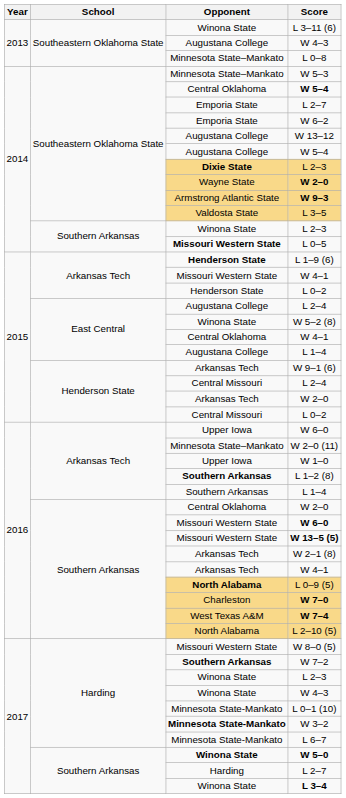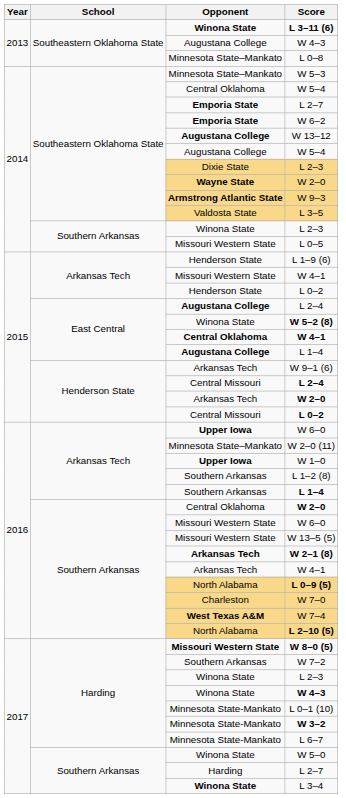 <table class="wikitable" style=text-align:center>
 <tr>
 <th>Year</th>
 <th>School</th>
 <th>Opponent</th>
 <th>Score</th>
 </tr>
 <tr>
 <td rowspan=3>2013</td>
 <td rowspan=3>Southeastern Oklahoma State</td>
-<td>Winona State</td>
-<td>L 3–11 (6)</td>
+<td><strong>Winona State</strong></td>
+<td><strong>L 3–11 (6)</strong></td>
 </tr>
 <tr>
 <td>Augustana College</td>
 <td>W 4–3</td>
 </tr>
 <tr>
 <td>Minnesota State–Mankato</td>
 <td>L 0–8</td>
 </tr>
 <tr>
 <td rowspan=12>2014</td>
 <td rowspan=10>Southeastern Oklahoma State</td>
 <td>Minnesota State–Mankato</td>
 <td>W 5–3</td>
 </tr>
 <tr>
 <td>Central Oklahoma</td>
-<td><strong>W 5–4</strong></td>
+<td>W 5–4</td>
 </tr>
 <tr>
-<td>Emporia State</td>
+<td><strong>Emporia State</strong></td>
 <td>L 2–7</td>
 </tr>
 <tr>
-<td>Emporia State</td>
+<td><strong>Emporia State</strong></td>
 <td>W 6–2</td>
 </tr>
 <tr>
-<td>Augustana College</td>
+<td><strong>Augustana College</strong></td>
 <td>W 13–12</td>
 </tr>
 <tr>
 <td>Augustana College</td>
 <td>W 5–4</td>
 </tr>
 <tr bgcolor=#f9d989>
-<td><strong>Dixie State</strong></td>
+<td>Dixie State</td>
 <td>L 2–3</td>
 </tr>
 <tr bgcolor=#f9d989>
-<td>Wayne State</td>
-<td><strong>W 2–0</strong></td>
+<td><strong>Wayne State</strong></td>
+<td>W 2–0</td>
 </tr>
 <tr bgcolor=#f9d989>
-<td>Armstrong Atlantic State</td>
-<td><strong>W 9–3</strong></td>
+<td><strong>Armstrong Atlantic State</strong></td>
+<td>W 9–3</td>
 </tr>
 <tr bgcolor=#f9d989>
 <td>Valdosta State</td>
 <td>L 3–5</td>
 </tr>
 <tr>
 <td rowspan=2>Southern Arkansas</td>
 <td>Winona State</td>
 <td>L 2–3</td>
 </tr>
 <tr>
-<td><strong>Missouri Western State</strong></td>
+<td>Missouri Western State</td>
 <td>L 0–5</td>
 </tr>
 <tr>
 <td rowspan=11>2015</td>
 <td rowspan=3>Arkansas Tech</td>
-<td><strong>Henderson State</strong></td>
+<td>Henderson State</td>
 <td>L 1–9 (6)</td>
 </tr>
 <tr>
 <td>Missouri Western State</td>
 <td>W 4–1</td>
 </tr>
 <tr>
 <td>Henderson State</td>
 <td>L 0–2</td>
 </tr>
 <tr>
 <td rowspan=4>East Central</td>
-<td>Augustana College</td>
+<td><strong>Augustana College</strong></td>
 <td>L 2–4</td>
 </tr>
 <tr>
 <td>Winona State</td>
-<td>W 5–2 (8)</td>
+<td><strong>W 5–2 (8)</strong></td>
 </tr>
 <tr>
-<td>Central Oklahoma</td>
-<td>W 4–1</td>
+<td><strong>Central Oklahoma</strong></td>
+<td><strong>W 4–1</strong></td>
 </tr>
 <tr>
-<td>Augustana College</td>
+<td><strong>Augustana College</strong></td>
 <td>L 1–4</td>
 </tr>
 <tr>
 <td rowspan=4>Henderson State</td>
 <td>Arkansas Tech</td>
 <td>W 9–1 (6)</td>
 </tr>
 <tr>
 <td>Central Missouri</td>
-<td>L 2–4</td>
+<td><strong>L 2–4</strong></td>
 </tr>
 <tr>
 <td>Arkansas Tech</td>
-<td>W 2–0</td>
+<td><strong>W 2–0</strong></td>
 </tr>
 <tr>
 <td>Central Missouri</td>
-<td>L 0–2</td>
+<td><strong>L 0–2</strong></td>
 </tr>
 <tr>
 <td rowspan=14>2016</td>
 <td rowspan=5>Arkansas Tech</td>
-<td>Upper Iowa</td>
+<td><strong>Upper Iowa</strong></td>
 <td>W 6–0</td>
 </tr>
 <tr>
 <td>Minnesota State–Mankato</td>
 <td>W 2–0 (11)</td>
 </tr>
 <tr>
-<td>Upper Iowa</td>
+<td><strong>Upper Iowa</strong></td>
 <td>W 1–0</td>
 </tr>
 <tr>
-<td><strong>Southern Arkansas</strong></td>
+<td>Southern Arkansas</td>
 <td>L 1–2 (8)</td>
 </tr>
 <tr>
 <td>Southern Arkansas</td>
-<td>L 1–4</td>
+<td><strong>L 1–4</strong></td>
 </tr>
 <tr>
 <td rowspan=9>Southern Arkansas</td>
 <td>Central Oklahoma</td>
-<td>W 2–0</td>
+<td><strong>W 2–0</strong></td>
 </tr>
 <tr>
 <td>Missouri Western State</td>
-<td><strong>W 6–0</strong></td>
+<td>W 6–0</td>
 </tr>
 <tr>
 <td>Missouri Western State</td>
-<td><strong>W 13–5 (5)</strong></td>
+<td>W 13–5 (5)</td>
 </tr>
 <tr>
-<td>Arkansas Tech</td>
-<td>W 2–1 (8)</td>
+<td><strong>Arkansas Tech</strong></td>
+<td><strong>W 2–1 (8)</strong></td>
 </tr>
 <tr>
 <td>Arkansas Tech</td>
 <td>W 4–1</td>
 </tr>
 <tr bgcolor=#f9d989>
-<td><strong>North Alabama</strong></td>
-<td>L 0–9 (5)</td>
+<td>North Alabama</td>
+<td><strong>L 0–9 (5)</strong></td>
 </tr>
 <tr bgcolor=#f9d989>
 <td>Charleston</td>
-<td><strong>W 7–0</strong></td>
+<td>W 7–0</td>
 </tr>
 <tr bgcolor=#f9d989>
-<td>West Texas A&M</td>
-<td><strong>W 7–4</strong></td>
+<td><strong>West Texas A&M</strong></td>
+<td>W 7–4</td>
 </tr>
 <tr bgcolor=#f9d989>
 <td>North Alabama</td>
-<td>L 2–10 (5)</td>
+<td><strong>L 2–10 (5)</strong></td>
 </tr>
 <tr>
 <td rowspan=10>2017</td>
 <td rowspan=7>Harding</td>
-<td>Missouri Western State</td>
-<td>W 8–0 (5)</td>
+<td><strong>Missouri Western State</strong></td>
+<td><strong>W 8–0 (5)</strong></td>
 </tr>
 <tr>
-<td><strong>Southern Arkansas</strong></td>
+<td>Southern Arkansas</td>
 <td>W 7–2</td>
 </tr>
 <tr>
 <td>Winona State</td>
 <td>L 2–3</td>
 </tr>
 <tr>
 <td>Winona State</td>
-<td>W 4–3</td>
+<td><strong>W 4–3</strong></td>
 </tr>
 <tr>
 <td>Minnesota State-Mankato</td>
 <td>L 0–1 (10)</td>
 </tr>
 <tr>
-<td><strong>Minnesota State-Mankato</strong></td>
-<td>W 3–2</td>
+<td>Minnesota State-Mankato</td>
+<td><strong>W 3–2</strong></td>
 </tr>
 <tr>
 <td>Minnesota State-Mankato</td>
 <td>L 6–7</td>
 </tr>
 <tr>
 <td rowspan=3>Southern Arkansas</td>
-<td><strong>Winona State</strong></td>
-<td><strong>W 5–0</strong></td>
+<td>Winona State</td>
+<td>W 5–0</td>
 </tr>
 <tr>
 <td>Harding</td>
 <td>L 2–7</td>
 </tr>
 <tr>
-<td>Winona State</td>
-<td><strong>L 3–4</strong></td>
+<td><strong>Winona State</strong></td>
+<td>L 3–4</td>
 </tr>
 </table>
